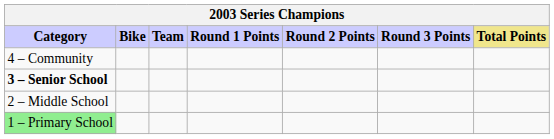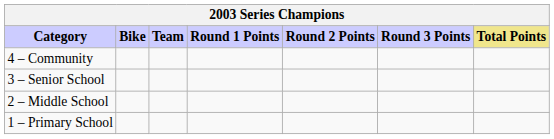 <table class="wikitable collapsible collapsed">
 <tr>
 <th colspan="7" width="500">2003 Series Champions</th>
 </tr>
 <tr>
 <th style="background:#ccf">Category</th>
 <th style="background:#ccf">Bike</th>
 <th style="background:#ccf">Team</th>
 <th style="background:#ccf">Round 1 Points</th>
 <th style="background:#ccf">Round 2 Points</th>
 <th style="background:#ccf">Round 3 Points</th>
 <th style="background:#f0e68c">Total Points</th>
 </tr>
 <tr>
 <td>4 – Community</td>
 <td></td>
 <td></td>
 <td></td>
 <td></td>
 <td></td>
 <td></td>
 </tr>
 <tr>
-<td><strong>3 – Senior School</strong></td>
+<td>3 – Senior School</td>
 <td></td>
 <td></td>
 <td></td>
 <td></td>
 <td></td>
 <td></td>
 </tr>
 <tr>
 <td>2 – Middle School</td>
 <td></td>
 <td></td>
 <td></td>
 <td></td>
 <td></td>
 <td></td>
 </tr>
 <tr>
-<td style="background: lightgreen;">1 – Primary School</td>
+<td>1 – Primary School</td>
 <td></td>
 <td></td>
 <td></td>
 <td></td>
 <td></td>
 <td></td>
 </tr>
 </table>
